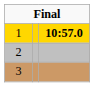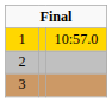 <table class=wikitable style="text-align:center">
 <tr>
 <td colspan=3><strong>Final</strong></td>
 </tr>
 <tr bgcolor=gold>
 <td width=30>1</td>
 <td align=left></td>
-<td width=60><strong>10:57.0</strong></td>
+<td width=60>10:57.0</td>
 </tr>
 <tr bgcolor=silver>
 <td>2</td>
 <td align=left></td>
 <td></td>
 </tr>
 <tr bgcolor=cc9966>
 <td>3</td>
 <td align=left></td>
 <td></td>
 </tr>
 </table>
